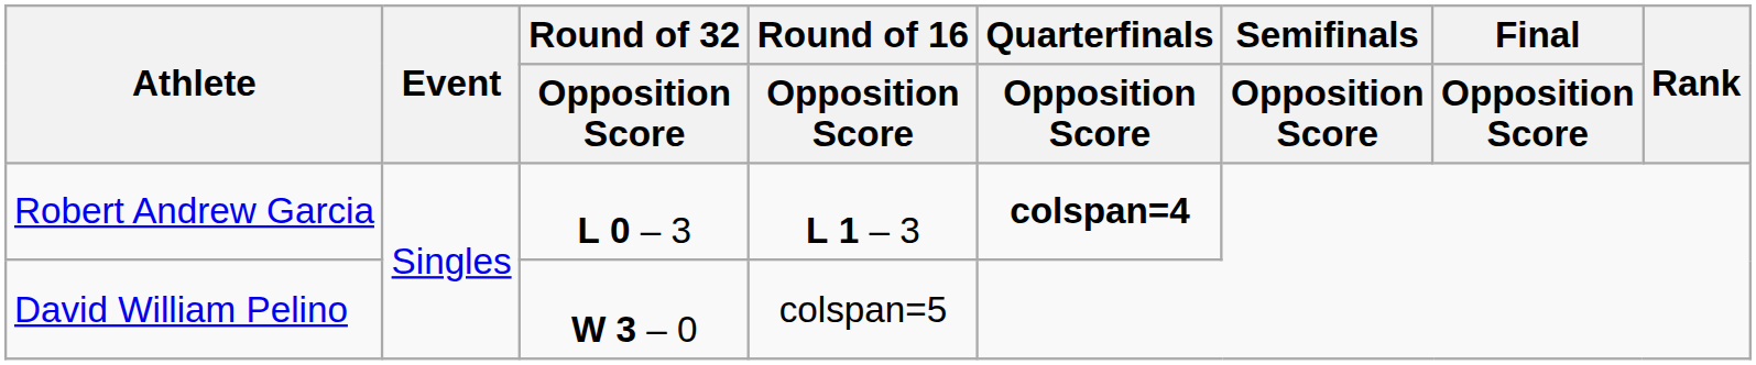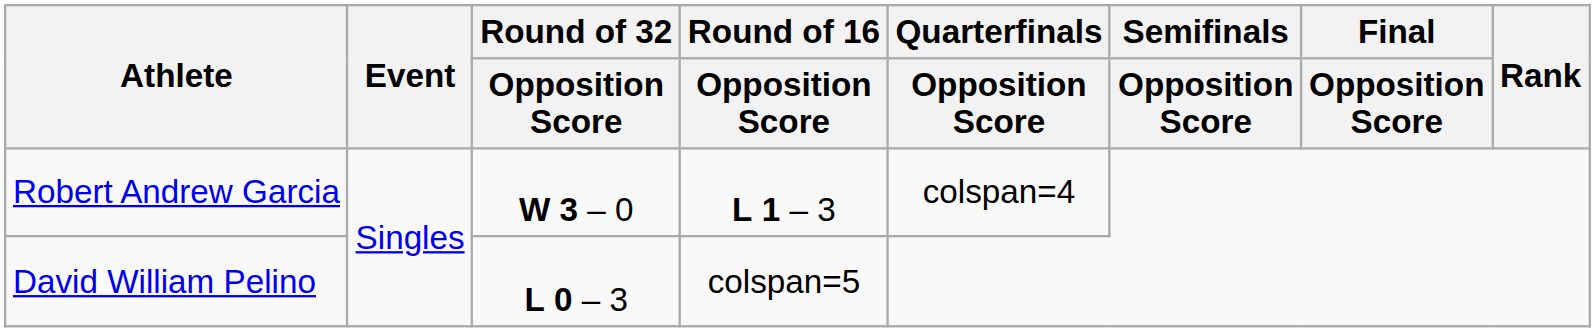 <table class=wikitable style="text-align:center; font-size:90%">
 <tr>
 <th rowspan="2">Athlete</th>
 <th rowspan=2>Event</th>
 <th>Round of 32</th>
 <th>Round of 16</th>
 <th>Quarterfinals</th>
 <th>Semifinals</th>
 <th>Final</th>
 <th rowspan="2">Rank</th>
 </tr>
 <tr>
 <th>Opposition<br>Score</th>
 <th>Opposition<br>Score</th>
 <th>Opposition<br>Score</th>
 <th>Opposition<br>Score</th>
 <th>Opposition<br>Score</th>
 </tr>
 <tr>
 <td align=left><a href='#'>Robert Andrew Garcia</a></td>
 <td style="text-align:left;" rowspan="2"><a href='#'>Singles</a></td>
-<td><br> <strong>L</strong> <strong>0</strong> – 3</td>
+<td><br><strong>W</strong> <strong>3</strong> – 0</td>
 <td><br><strong>L</strong> <strong>1</strong> – 3</td>
-<td><strong>colspan=4</strong></td>
+<td>colspan=4</td>
 </tr>
 <tr>
 <td align=left><a href='#'>David William Pelino</a></td>
-<td><br><strong>W</strong> <strong>3</strong> – 0</td>
+<td><br> <strong>L</strong> <strong>0</strong> – 3</td>
 <td>colspan=5</td>
 </tr>
 </table>
